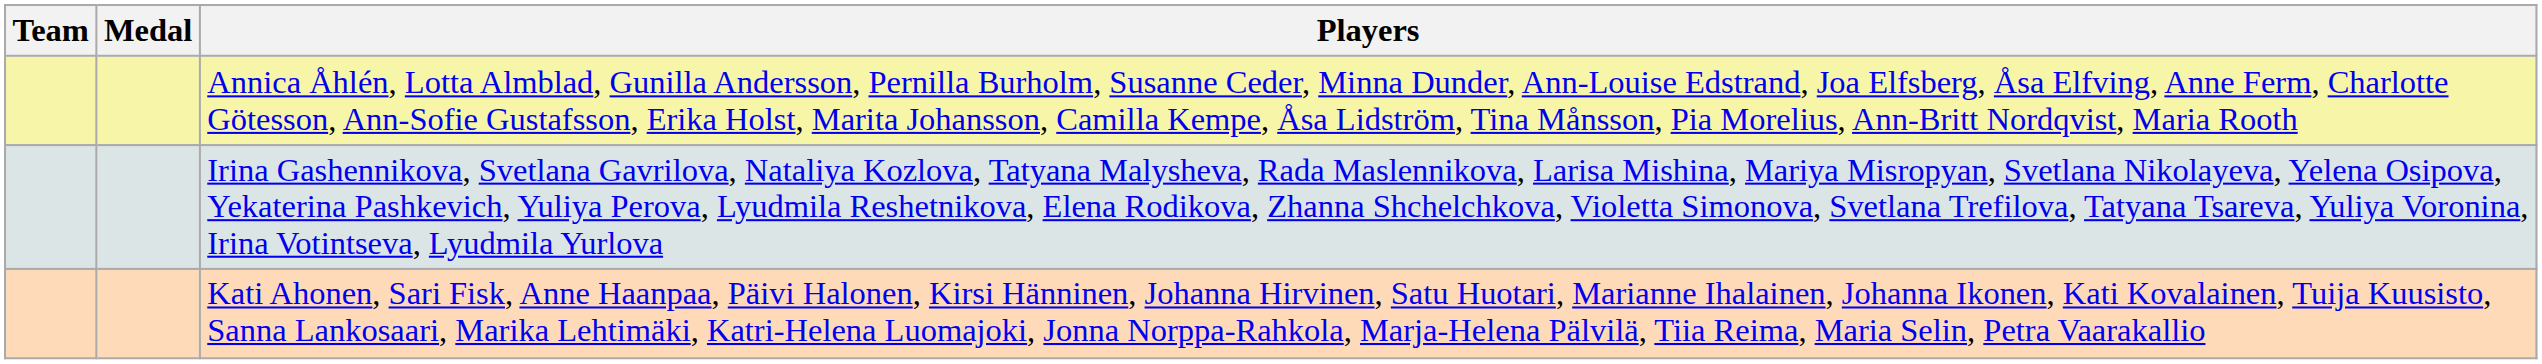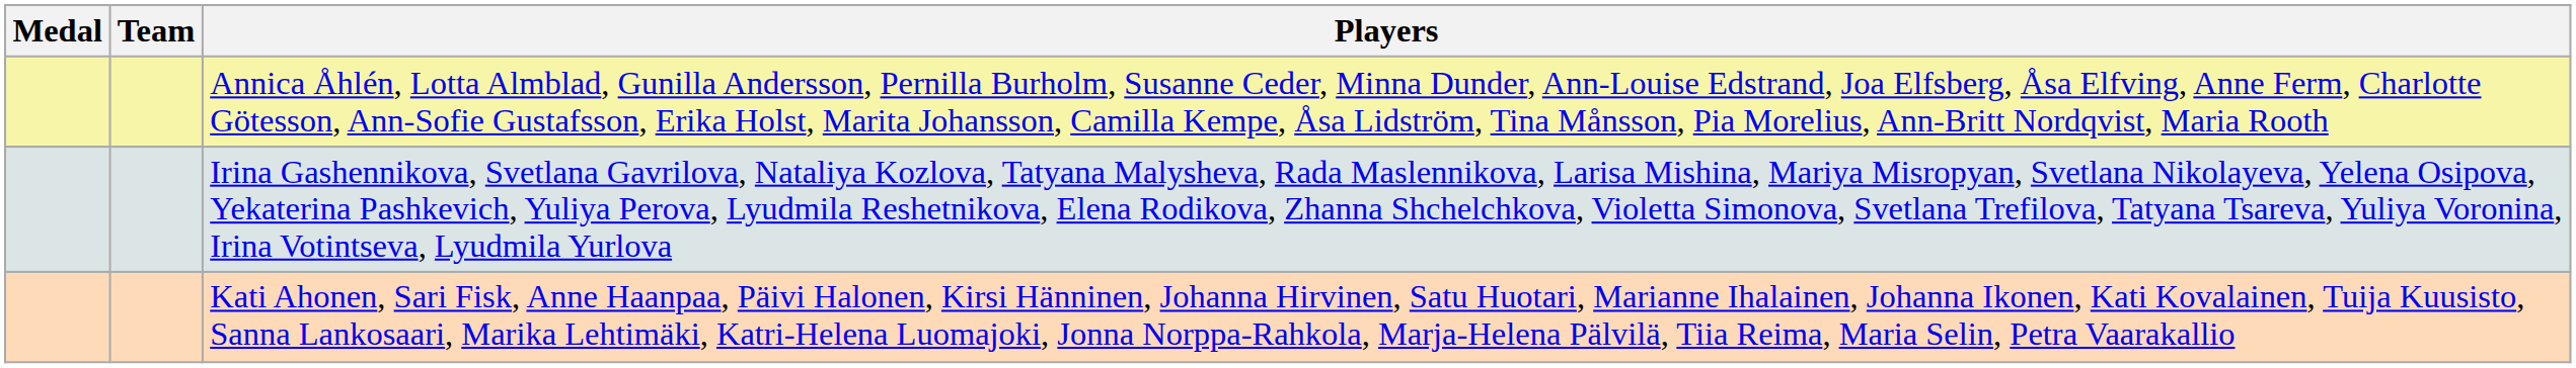 <table class="wikitable">
 <tr>
+<th>Medal</th>
 <th>Team</th>
-<th>Medal</th>
 <th>Players</th>
 </tr>
 <tr bgcolor="#F7F6A8">
+<td style="text-align:center;"></td>
 <td style="white-space:nowrap;"></td>
-<td style="text-align:center;"></td>
 <td><a href='#'>Annica Åhlén</a>, <a href='#'>Lotta Almblad</a>, <a href='#'>Gunilla Andersson</a>, <a href='#'>Pernilla Burholm</a>, <a href='#'>Susanne Ceder</a>, <a href='#'>Minna Dunder</a>, <a href='#'>Ann-Louise Edstrand</a>, <a href='#'>Joa Elfsberg</a>, <a href='#'>Åsa Elfving</a>, <a href='#'>Anne Ferm</a>, <a href='#'>Charlotte Götesson</a>, <a href='#'>Ann-Sofie Gustafsson</a>, <a href='#'>Erika Holst</a>, <a href='#'>Marita Johansson</a>, <a href='#'>Camilla Kempe</a>, <a href='#'>Åsa Lidström</a>, <a href='#'>Tina Månsson</a>, <a href='#'>Pia Morelius</a>, <a href='#'>Ann-Britt Nordqvist</a>, <a href='#'>Maria Rooth</a></td>
 </tr>
 <tr bgcolor="#DCE5E5">
+<td style="text-align:center;"></td>
 <td style="white-space:nowrap;"></td>
-<td style="text-align:center;"></td>
 <td><a href='#'>Irina Gashennikova</a>, <a href='#'>Svetlana Gavrilova</a>, <a href='#'>Nataliya Kozlova</a>, <a href='#'>Tatyana Malysheva</a>, <a href='#'>Rada Maslennikova</a>, <a href='#'>Larisa Mishina</a>, <a href='#'>Mariya Misropyan</a>, <a href='#'>Svetlana Nikolayeva</a>, <a href='#'>Yelena Osipova</a>, <a href='#'>Yekaterina Pashkevich</a>, <a href='#'>Yuliya Perova</a>, <a href='#'>Lyudmila Reshetnikova</a>, <a href='#'>Elena Rodikova</a>, <a href='#'>Zhanna Shchelchkova</a>, <a href='#'>Violetta Simonova</a>, <a href='#'>Svetlana Trefilova</a>, <a href='#'>Tatyana Tsareva</a>, <a href='#'>Yuliya Voronina</a>, <a href='#'>Irina Votintseva</a>, <a href='#'>Lyudmila Yurlova</a></td>
 </tr>
 <tr bgcolor="#FFDAB9">
+<td style="text-align:center;"></td>
 <td style="white-space:nowrap;"></td>
-<td style="text-align:center;"></td>
 <td><a href='#'>Kati Ahonen</a>, <a href='#'>Sari Fisk</a>, <a href='#'>Anne Haanpaa</a>, <a href='#'>Päivi Halonen</a>, <a href='#'>Kirsi Hänninen</a>, <a href='#'>Johanna Hirvinen</a>, <a href='#'>Satu Huotari</a>, <a href='#'>Marianne Ihalainen</a>, <a href='#'>Johanna Ikonen</a>, <a href='#'>Kati Kovalainen</a>, <a href='#'>Tuija Kuusisto</a>, <a href='#'>Sanna Lankosaari</a>, <a href='#'>Marika Lehtimäki</a>, <a href='#'>Katri-Helena Luomajoki</a>, <a href='#'>Jonna Norppa-Rahkola</a>, <a href='#'>Marja-Helena Pälvilä</a>, <a href='#'>Tiia Reima</a>, <a href='#'>Maria Selin</a>, <a href='#'>Petra Vaarakallio</a></td>
 </tr>
 </table>
